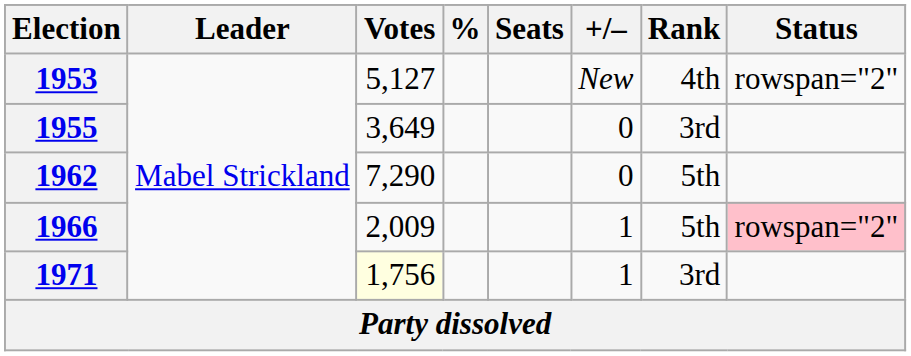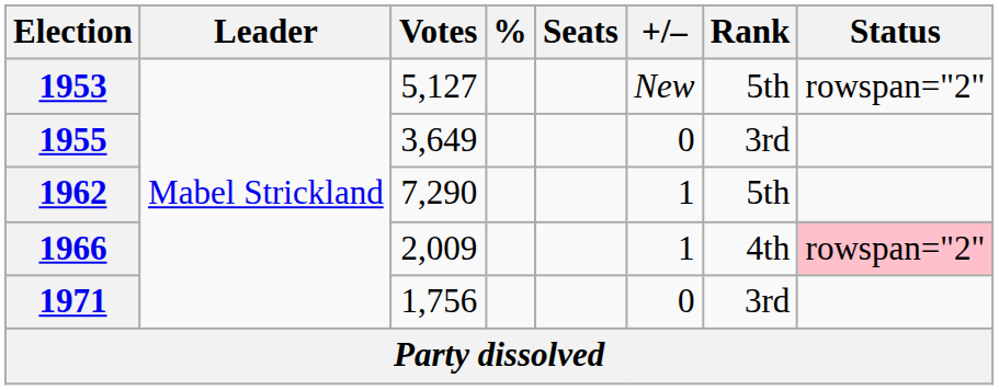 <table class="wikitable" style="text-align:right">
 <tr>
 <th>Election</th>
 <th>Leader</th>
 <th>Votes</th>
 <th>%</th>
 <th>Seats</th>
 <th>+/–</th>
 <th>Rank</th>
 <th>Status</th>
 </tr>
 <tr>
 <th><a href='#'>1953</a></th>
 <td rowspan="5"><a href='#'>Mabel Strickland</a></td>
 <td>5,127</td>
 <td></td>
 <td></td>
 <td><em>New</em></td>
-<td>4th</td>
+<td> 5th</td>
 <td>rowspan="2" </td>
 </tr>
 <tr>
 <th><a href='#'>1955</a></th>
 <td>3,649</td>
 <td></td>
 <td></td>
 <td> 0</td>
 <td> 3rd</td>
 </tr>
 <tr>
 <th><a href='#'>1962</a></th>
 <td>7,290</td>
 <td></td>
 <td></td>
-<td> 0</td>
+<td> 1</td>
 <td> 5th</td>
 <td></td>
 </tr>
 <tr>
 <th><a href='#'>1966</a></th>
 <td>2,009</td>
 <td></td>
 <td></td>
 <td> 1</td>
-<td> 5th</td>
+<td> 4th</td>
 <td style="background: pink;">rowspan="2" </td>
 </tr>
 <tr>
 <th><a href='#'>1971</a></th>
-<td style="background: lightyellow;">1,756</td>
+<td>1,756</td>
 <td></td>
 <td></td>
-<td> 1</td>
+<td> 0</td>
 <td> 3rd</td>
 </tr>
 <tr>
 <th colspan="8"><em>Party dissolved</em></th>
 </tr>
 </table>
